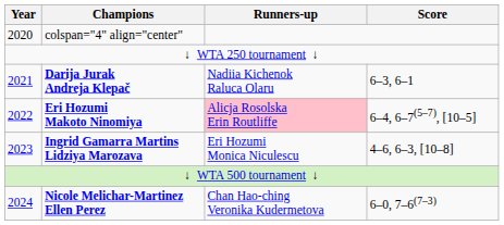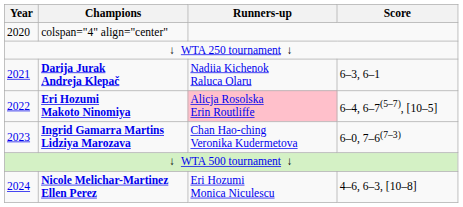 <table class="wikitable">
 <tr>
 <th style="width:40px">Year</th>
 <th style="width:200px">Champions</th>
 <th style="width:200px">Runners-up</th>
 <th style="width:160px" class="unsortable">Score</th>
 </tr>
 <tr>
 <td>2020</td>
 <td>colspan="4" align="center" </td>
 </tr>
 <tr>
 <td colspan="4" align="center">↓  <a href='#'>WTA 250 tournament</a>  ↓</td>
 </tr>
 <tr>
 <td><a href='#'>2021</a></td>
 <td> <strong><a href='#'>Darija Jurak</a></strong> <br> <strong><a href='#'>Andreja Klepač</a></strong></td>
 <td> <a href='#'>Nadiia Kichenok</a><br> <a href='#'>Raluca Olaru</a></td>
 <td>6–3, 6–1</td>
 </tr>
 <tr>
 <td><a href='#'>2022</a></td>
 <td> <strong><a href='#'>Eri Hozumi</a></strong> <br> <strong><a href='#'>Makoto Ninomiya</a></strong></td>
 <td style="background: pink;"> <a href='#'>Alicja Rosolska</a><br> <a href='#'>Erin Routliffe</a></td>
 <td>6–4, 6–7<sup>(5–7)</sup>, [10–5]</td>
 </tr>
 <tr>
 <td><a href='#'>2023</a></td>
 <td> <strong><a href='#'>Ingrid Gamarra Martins</a></strong> <br> <strong><a href='#'>Lidziya Marozava</a></strong></td>
-<td> <a href='#'>Eri Hozumi</a><br> <a href='#'>Monica Niculescu</a></td>
-<td>4–6, 6–3, [10–8]</td>
+<td> <a href='#'>Chan Hao-ching</a><br> <a href='#'>Veronika Kudermetova</a></td>
+<td>6–0, 7–6<sup>(7–3)</sup></td>
 </tr>
 <tr>
 <td colspan="4" align="center" bgcolor=#d4f1c5>↓  <a href='#'>WTA 500 tournament</a>  ↓</td>
 </tr>
 <tr>
 <td><a href='#'>2024</a></td>
 <td> <strong><a href='#'>Nicole Melichar-Martinez</a></strong> <br> <strong><a href='#'>Ellen Perez</a></strong></td>
-<td> <a href='#'>Chan Hao-ching</a><br> <a href='#'>Veronika Kudermetova</a></td>
-<td>6–0, 7–6<sup>(7–3)</sup></td>
+<td> <a href='#'>Eri Hozumi</a><br> <a href='#'>Monica Niculescu</a></td>
+<td>4–6, 6–3, [10–8]</td>
 </tr>
 </table>
